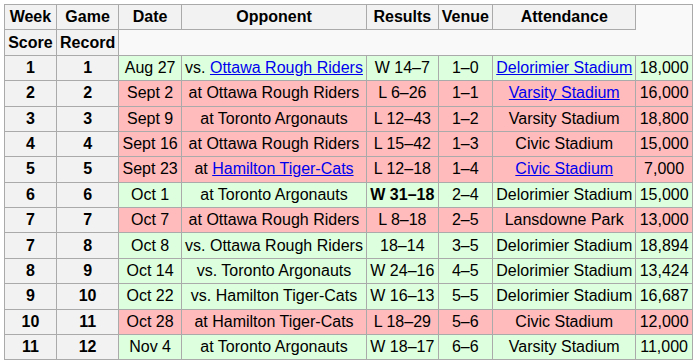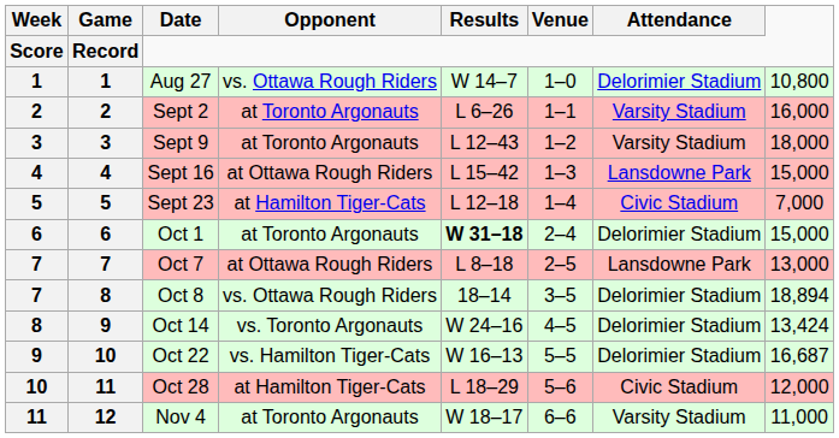 <table class="wikitable" style="text-align:center">
 <tr>
 <th>Week</th>
 <th>Game</th>
 <th>Date</th>
 <th>Opponent</th>
 <th>Results</th>
 <th>Venue</th>
 <th>Attendance</th>
 </tr>
 <tr>
 <th>Score</th>
 <th>Record</th>
 </tr>
 <tr style="background:#ddffdd">
 <th>1</th>
 <th>1</th>
 <td>Aug 27</td>
 <td>vs. <a href='#'>Ottawa Rough Riders</a></td>
 <td>W 14–7</td>
 <td>1–0</td>
 <td><a href='#'>Delorimier Stadium</a></td>
-<td>18,000</td>
+<td>10,800</td>
 </tr>
 <tr style="background:#ffbbbb">
 <th>2</th>
 <th>2</th>
 <td>Sept 2</td>
-<td>at Ottawa Rough Riders</td>
+<td>at <a href='#'>Toronto Argonauts</a></td>
 <td>L 6–26</td>
 <td>1–1</td>
 <td><a href='#'>Varsity Stadium</a></td>
 <td>16,000</td>
 </tr>
 <tr style="background:#ffbbbb">
 <th>3</th>
 <th>3</th>
 <td>Sept 9</td>
 <td>at Toronto Argonauts</td>
 <td>L 12–43</td>
 <td>1–2</td>
 <td>Varsity Stadium</td>
-<td>18,800</td>
+<td>18,000</td>
 </tr>
 <tr style="background:#ffbbbb">
 <th>4</th>
 <th>4</th>
 <td>Sept 16</td>
 <td>at Ottawa Rough Riders</td>
 <td>L 15–42</td>
 <td>1–3</td>
-<td>Civic Stadium</td>
+<td><a href='#'>Lansdowne Park</a></td>
 <td>15,000</td>
 </tr>
 <tr style="background:#ffbbbb">
 <th>5</th>
 <th>5</th>
 <td>Sept 23</td>
 <td>at <a href='#'>Hamilton Tiger-Cats</a></td>
 <td>L 12–18</td>
 <td>1–4</td>
 <td><a href='#'>Civic Stadium</a></td>
 <td>7,000</td>
 </tr>
 <tr style="background:#ddffdd">
 <th>6</th>
 <th>6</th>
 <td>Oct 1</td>
 <td>at Toronto Argonauts</td>
 <td><strong>W 31–18</strong></td>
 <td>2–4</td>
 <td>Delorimier Stadium</td>
 <td>15,000</td>
 </tr>
 <tr style="background:#ffbbbb">
 <th>7</th>
 <th>7</th>
 <td>Oct 7</td>
 <td>at Ottawa Rough Riders</td>
 <td>L 8–18</td>
 <td>2–5</td>
 <td>Lansdowne Park</td>
 <td>13,000</td>
 </tr>
 <tr style="background:#ddffdd">
 <th>7</th>
 <th>8</th>
 <td>Oct 8</td>
 <td>vs. Ottawa Rough Riders</td>
 <td>18–14</td>
 <td>3–5</td>
 <td>Delorimier Stadium</td>
 <td>18,894</td>
 </tr>
 <tr style="background:#ddffdd">
 <th>8</th>
 <th>9</th>
 <td>Oct 14</td>
 <td>vs. Toronto Argonauts</td>
 <td>W 24–16</td>
 <td>4–5</td>
 <td>Delorimier Stadium</td>
 <td>13,424</td>
 </tr>
 <tr style="background:#ddffdd">
 <th>9</th>
 <th>10</th>
 <td>Oct 22</td>
 <td>vs. Hamilton Tiger-Cats</td>
 <td>W 16–13</td>
 <td>5–5</td>
 <td>Delorimier Stadium</td>
 <td>16,687</td>
 </tr>
 <tr style="background:#ffbbbb">
 <th>10</th>
 <th>11</th>
 <td>Oct 28</td>
 <td>at Hamilton Tiger-Cats</td>
 <td>L 18–29</td>
 <td>5–6</td>
 <td>Civic Stadium</td>
 <td>12,000</td>
 </tr>
 <tr style="background:#ddffdd">
 <th>11</th>
 <th>12</th>
 <td>Nov 4</td>
 <td>at Toronto Argonauts</td>
 <td>W 18–17</td>
 <td>6–6</td>
 <td>Varsity Stadium</td>
 <td>11,000</td>
 </tr>
 </table>
